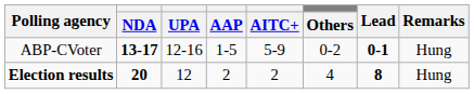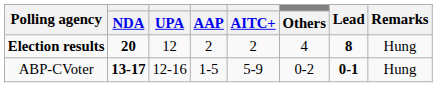 <table class="wikitable sortable" style="text-align:center">
 <tr>
 <th rowspan="2">Polling agency</th>
 <th style="background:"></th>
 <th style="background:"></th>
 <th style="background:"></th>
 <th style="background:"></th>
 <th style="background:gray;"></th>
 <th rowspan="2">Lead</th>
 <th rowspan="2">Remarks</th>
 </tr>
 <tr>
 <th><a href='#'>NDA</a></th>
 <th><a href='#'>UPA</a></th>
 <th><a href='#'>AAP</a></th>
 <th><a href='#'>AITC+</a></th>
 <th>Others</th>
 </tr>
 <tr>
+<td style="background:"><strong>Election results</strong></td>
+<td><strong>20</strong></td>
+<td style="background:">12</td>
+<td style="background:">2</td>
+<td style="background:">2</td>
+<td style="background:">4</td>
+<td><strong>8</strong></td>
+<td style="background:">Hung</td>
+</tr>
+<tr>
 <td>ABP-CVoter</td>
 <td><strong>13-17</strong></td>
 <td>12-16</td>
 <td>1-5</td>
 <td>5-9</td>
 <td>0-2</td>
 <td><strong>0-1</strong></td>
 <td>Hung</td>
 </tr>
-<tr>
-<td style="background:"><strong>Election results</strong></td>
-<td><strong>20</strong></td>
-<td style="background:">12</td>
-<td style="background:">2</td>
-<td style="background:">2</td>
-<td style="background:">4</td>
-<td><strong>8</strong></td>
-<td style="background:">Hung</td>
-</tr>
 </table>
